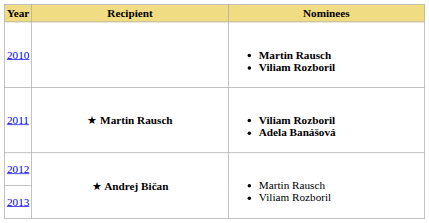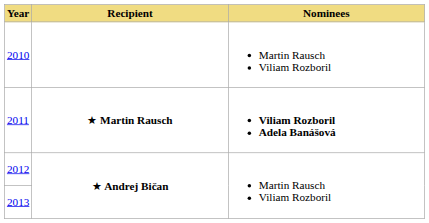 <table class=wikitable sortable style="background:white">
 <tr>
 <th style=background:#F0DC82>Year</th>
 <th style=background:#F0DC82 width=273>Recipient</th>
 <th style=background:#F0DC82 width=273>Nominees</th>
 </tr>
 <tr>
 <td><a href='#'>2010</a></td>
 <td align=center></td>
-<td><strong><br><ul><li>Martin Rausch</li><li>Viliam Rozboril</li></ul></strong></td>
+<td><br><ul><li>Martin Rausch</li><li>Viliam Rozboril</li></ul></td>
 </tr>
 <tr>
 <td><a href='#'>2011</a></td>
 <td align=center>★ <strong>Martin Rausch</strong></td>
 <td><strong><br><ul><li>Viliam Rozboril</li><li>Adela Banášová</li></ul></strong></td>
 </tr>
 <tr>
 <td><a href='#'>2012</a></td>
 <td align=center rowspan=2>★ <strong>Andrej Bičan</strong> <br></td>
 <td rowspan=2><br><ul><li>Martin Rausch</li><li>Viliam Rozboril</li></ul></td>
 </tr>
 <tr>
 <td><a href='#'>2013</a></td>
 </tr>
 </table>
